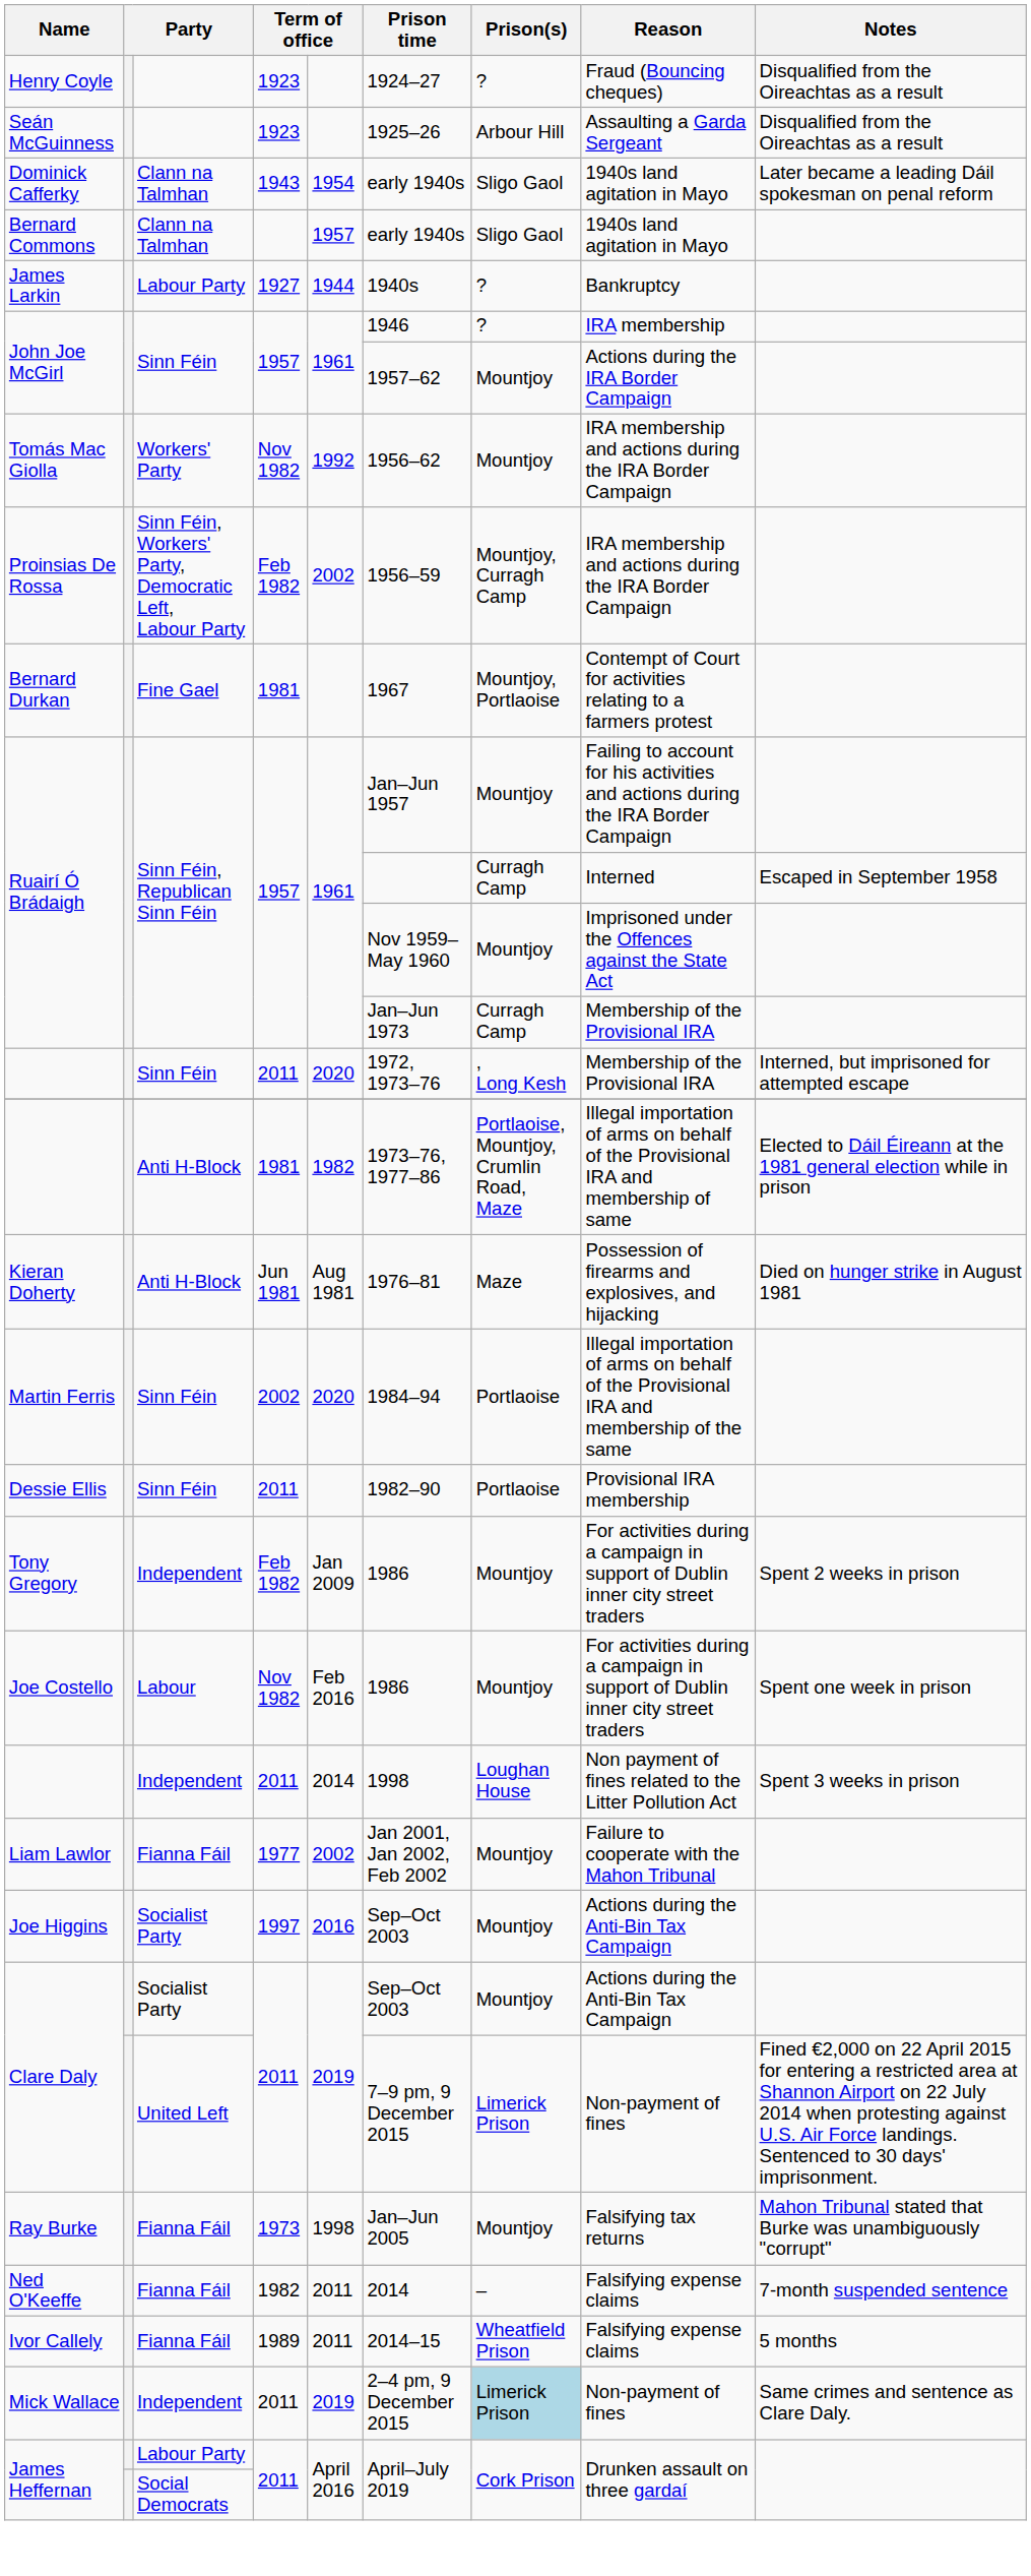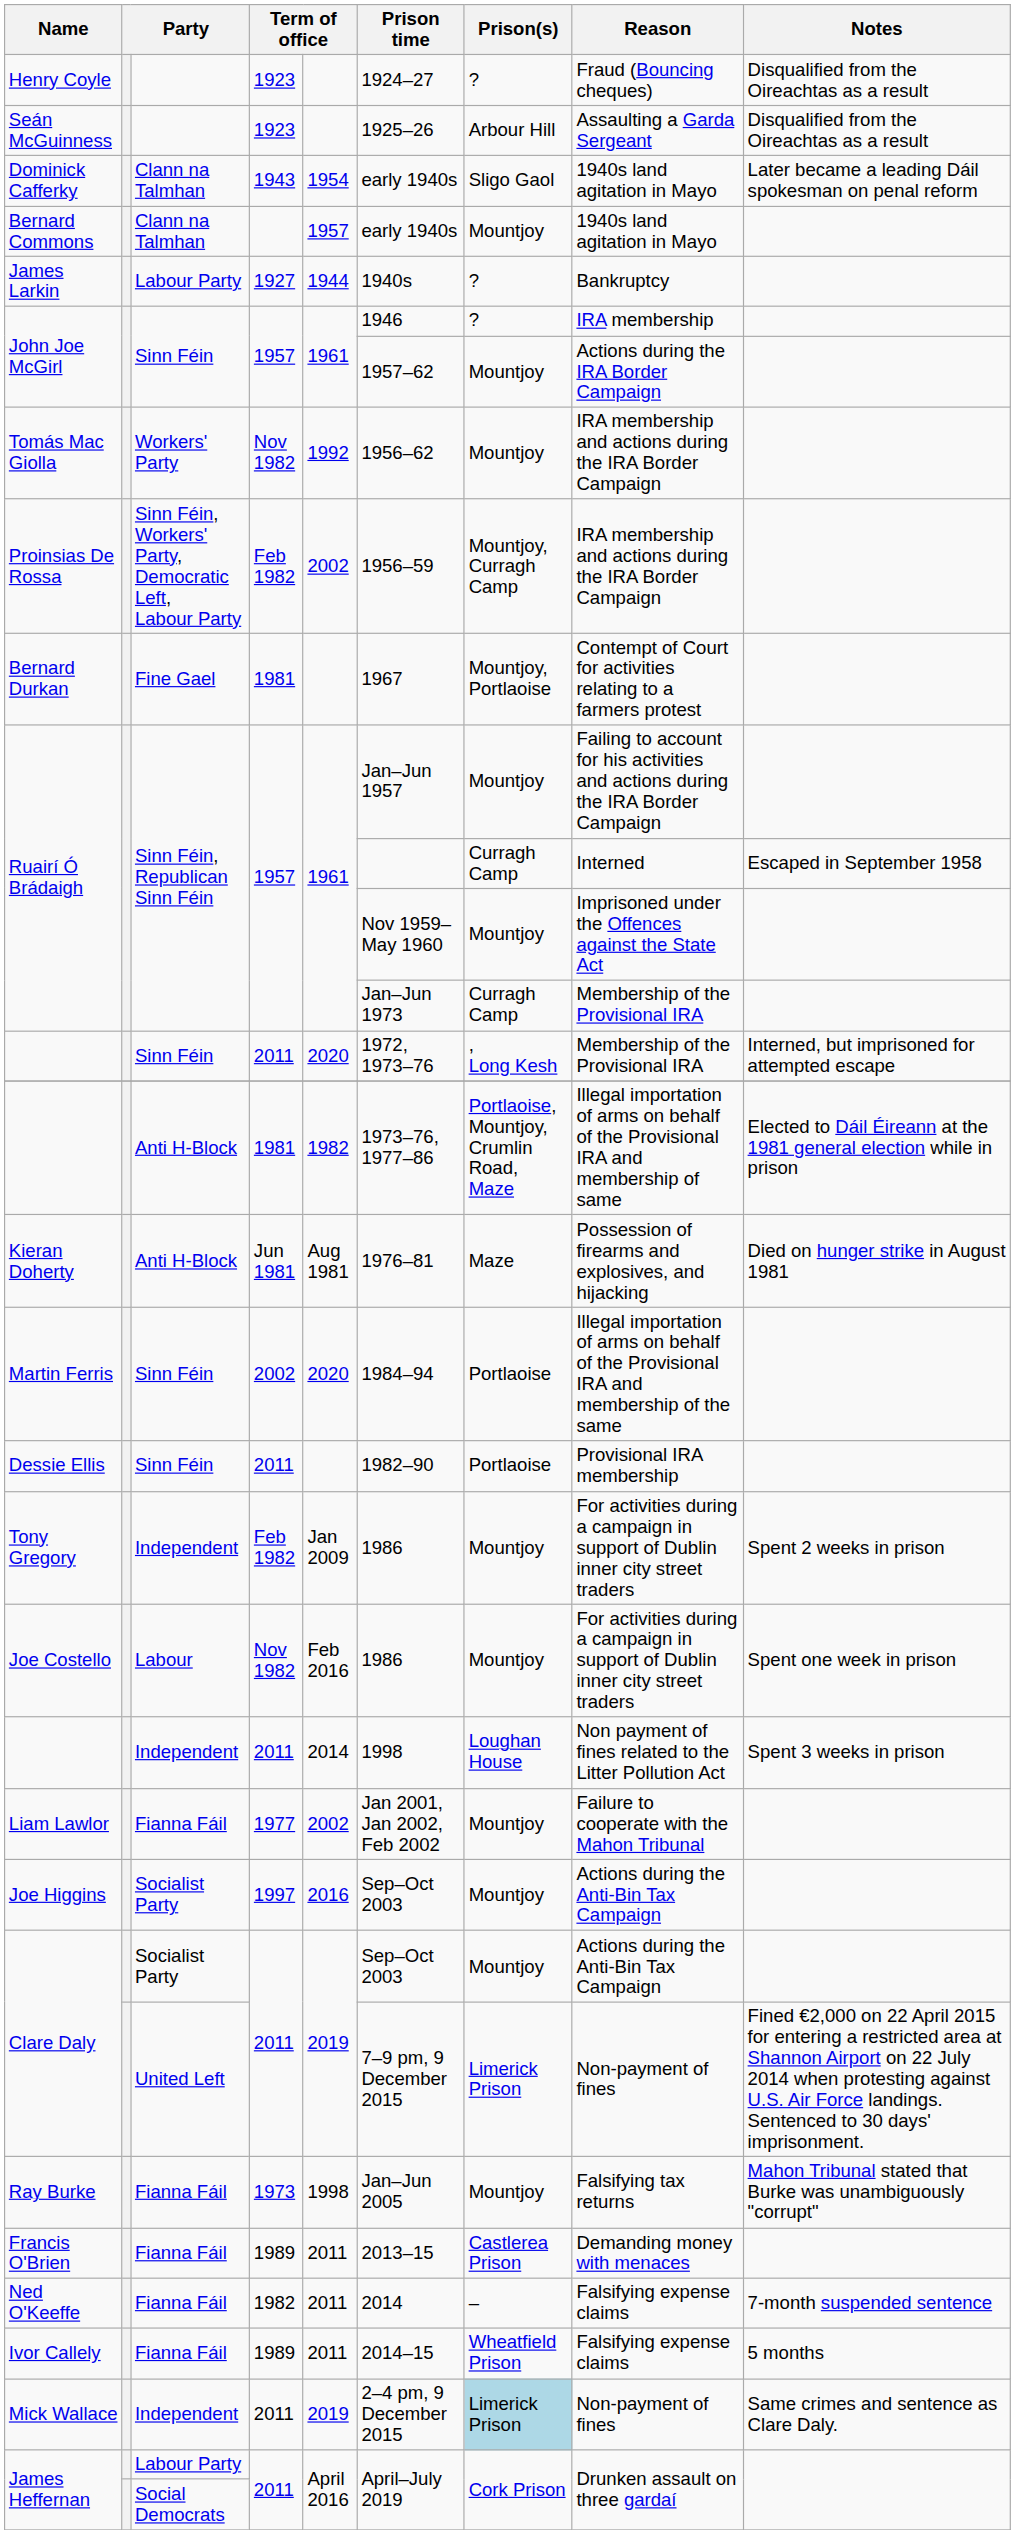 <table class="wikitable">
 <tr>
 <th>Name</th>
 <th colspan=2>Party</th>
 <th colspan=2>Term of office</th>
 <th>Prison time</th>
 <th>Prison(s)</th>
 <th>Reason</th>
 <th>Notes</th>
 </tr>
 <tr>
 <td><a href='#'>Henry Coyle</a></td>
 <th style="background-color: "></th>
 <td></td>
 <td><a href='#'>1923</a></td>
 <td></td>
 <td>1924–27</td>
 <td>?</td>
 <td>Fraud (<a href='#'>Bouncing</a> cheques)</td>
 <td>Disqualified from the Oireachtas as a result</td>
 </tr>
 <tr>
 <td><a href='#'>Seán McGuinness</a></td>
 <th style="background-color: "></th>
 <td></td>
 <td><a href='#'>1923</a></td>
 <td></td>
 <td>1925–26</td>
 <td>Arbour Hill</td>
 <td>Assaulting a <a href='#'>Garda Sergeant</a></td>
 <td>Disqualified from the Oireachtas as a result</td>
 </tr>
 <tr>
 <td><a href='#'>Dominick Cafferky</a></td>
 <th style="background-color: "></th>
 <td><a href='#'>Clann na Talmhan</a></td>
 <td><a href='#'>1943</a></td>
 <td><a href='#'>1954</a></td>
 <td>early 1940s</td>
 <td>Sligo Gaol</td>
 <td>1940s land agitation in Mayo</td>
 <td>Later became a leading Dáil spokesman on penal reform</td>
 </tr>
 <tr>
 <td><a href='#'>Bernard Commons</a></td>
 <th style="background-color: "></th>
 <td><a href='#'>Clann na Talmhan</a></td>
 <td></td>
 <td><a href='#'>1957</a></td>
 <td>early 1940s</td>
-<td>Sligo Gaol</td>
+<td>Mountjoy</td>
 <td>1940s land agitation in Mayo</td>
 <td></td>
 </tr>
 <tr>
 <td><a href='#'>James Larkin</a></td>
 <th style="background-color: "></th>
 <td><a href='#'>Labour Party</a></td>
 <td><a href='#'>1927</a></td>
 <td><a href='#'>1944</a></td>
 <td>1940s</td>
 <td>?</td>
 <td>Bankruptcy</td>
 <td></td>
 </tr>
 <tr>
 <td rowspan=2><a href='#'>John Joe McGirl</a></td>
 <th rowspan=2 style="background-color: "></th>
 <td rowspan=2><a href='#'>Sinn Féin</a></td>
 <td rowspan=2><a href='#'>1957</a></td>
 <td rowspan=2><a href='#'>1961</a></td>
 <td>1946</td>
 <td>?</td>
 <td><a href='#'>IRA</a> membership</td>
 <td></td>
 </tr>
 <tr>
 <td>1957–62</td>
 <td>Mountjoy</td>
 <td>Actions during the <a href='#'>IRA Border Campaign</a></td>
 <td></td>
 </tr>
 <tr>
 <td><a href='#'>Tomás Mac Giolla</a></td>
 <th style="background-color: "></th>
 <td><a href='#'>Workers' Party</a></td>
 <td><a href='#'>Nov 1982</a></td>
 <td><a href='#'>1992</a></td>
 <td>1956–62</td>
 <td>Mountjoy</td>
 <td>IRA membership and actions during the IRA Border Campaign</td>
 <td></td>
 </tr>
 <tr>
 <td><a href='#'>Proinsias De Rossa</a></td>
 <th style="background-color: "></th>
 <td><a href='#'>Sinn Féin</a>,<br><a href='#'>Workers' Party</a>,<br><a href='#'>Democratic Left</a>,<br><a href='#'>Labour Party</a></td>
 <td><a href='#'>Feb 1982</a></td>
 <td><a href='#'>2002</a></td>
 <td>1956–59</td>
 <td>Mountjoy, Curragh Camp</td>
 <td>IRA membership and actions during the IRA Border Campaign</td>
 <td></td>
 </tr>
 <tr>
 <td><a href='#'>Bernard Durkan</a></td>
 <th style="background-color: "></th>
 <td><a href='#'>Fine Gael</a></td>
 <td><a href='#'>1981</a></td>
 <td></td>
 <td>1967</td>
 <td>Mountjoy, Portlaoise</td>
 <td>Contempt of Court for activities relating to a farmers protest</td>
 <td></td>
 </tr>
 <tr>
 <td rowspan=4><a href='#'>Ruairí Ó Brádaigh</a></td>
 <th rowspan=4 style="background-color: "></th>
 <td rowspan=4><a href='#'>Sinn Féin</a>,<br><a href='#'>Republican Sinn Féin</a></td>
 <td rowspan=4><a href='#'>1957</a></td>
 <td rowspan=4><a href='#'>1961</a></td>
 <td>Jan–Jun 1957</td>
 <td>Mountjoy</td>
 <td>Failing to account for his activities and actions during the IRA Border Campaign</td>
 <td></td>
 </tr>
 <tr>
 <td></td>
 <td>Curragh Camp</td>
 <td>Interned</td>
 <td>Escaped in September 1958</td>
 </tr>
 <tr>
 <td>Nov 1959–May 1960</td>
 <td>Mountjoy</td>
 <td>Imprisoned under the <a href='#'>Offences against the State Act</a></td>
 <td></td>
 </tr>
 <tr>
 <td>Jan–Jun 1973</td>
 <td>Curragh Camp</td>
 <td>Membership of the <a href='#'>Provisional IRA</a></td>
 <td></td>
 </tr>
 <tr>
 <td></td>
 <th style="background-color: "></th>
 <td><a href='#'>Sinn Féin</a></td>
 <td><a href='#'>2011</a></td>
 <td><a href='#'>2020</a></td>
 <td>1972,<br>1973–76</td>
 <td>,<br><a href='#'>Long Kesh</a></td>
 <td>Membership of the Provisional IRA</td>
 <td>Interned, but imprisoned for attempted escape</td>
 </tr>
 <tr>
 </tr>
 <tr>
 <td></td>
 <th style="background-color: "></th>
 <td><a href='#'>Anti H-Block</a></td>
 <td><a href='#'>1981</a></td>
 <td><a href='#'>1982</a></td>
 <td>1973–76,<br>1977–86</td>
 <td><a href='#'>Portlaoise</a>,<br>Mountjoy,<br>Crumlin Road,<br><a href='#'>Maze</a></td>
 <td>Illegal importation of arms on behalf of the Provisional IRA and membership of same</td>
 <td>Elected to <a href='#'>Dáil Éireann</a> at the <a href='#'>1981 general election</a> while in prison</td>
 </tr>
 <tr>
 <td><a href='#'>Kieran Doherty</a></td>
 <th style="background-color: "></th>
 <td><a href='#'>Anti H-Block</a></td>
 <td>Jun <a href='#'>1981</a></td>
 <td>Aug 1981</td>
 <td>1976–81</td>
 <td>Maze</td>
 <td>Possession of firearms and explosives, and hijacking</td>
 <td>Died on <a href='#'>hunger strike</a> in August 1981</td>
 </tr>
 <tr>
 <td><a href='#'>Martin Ferris</a></td>
 <th style="background-color: "></th>
 <td><a href='#'>Sinn Féin</a></td>
 <td><a href='#'>2002</a></td>
 <td><a href='#'>2020</a></td>
 <td>1984–94</td>
 <td>Portlaoise</td>
 <td>Illegal importation of arms on behalf of the Provisional IRA and membership of the same</td>
 <td></td>
 </tr>
 <tr>
 <td><a href='#'>Dessie Ellis</a></td>
 <th style="background-color: "></th>
 <td><a href='#'>Sinn Féin</a></td>
 <td><a href='#'>2011</a></td>
 <td></td>
 <td>1982–90</td>
 <td>Portlaoise</td>
 <td>Provisional IRA membership</td>
 <td></td>
 </tr>
 <tr>
 <td><a href='#'>Tony Gregory</a></td>
 <th style="background-color: "></th>
 <td><a href='#'>Independent</a></td>
 <td><a href='#'>Feb 1982</a></td>
 <td>Jan 2009</td>
 <td>1986</td>
 <td>Mountjoy</td>
 <td>For activities during a campaign in support of Dublin inner city street traders</td>
 <td>Spent 2 weeks in prison</td>
 </tr>
 <tr>
 <td><a href='#'>Joe Costello</a></td>
 <th style="background-color: "></th>
 <td><a href='#'>Labour</a></td>
 <td><a href='#'>Nov 1982</a></td>
 <td>Feb 2016</td>
 <td>1986</td>
 <td>Mountjoy</td>
 <td>For activities during a campaign in support of Dublin inner city street traders</td>
 <td>Spent one week in prison</td>
 </tr>
 <tr>
 <td></td>
 <th style="background-color: "></th>
 <td><a href='#'>Independent</a></td>
 <td><a href='#'>2011</a></td>
 <td>2014</td>
 <td>1998</td>
 <td><a href='#'>Loughan House</a></td>
 <td>Non payment of fines related to the Litter Pollution Act</td>
 <td>Spent 3 weeks in prison</td>
 </tr>
 <tr>
 <td><a href='#'>Liam Lawlor</a></td>
 <th style="background-color: "></th>
 <td><a href='#'>Fianna Fáil</a></td>
 <td><a href='#'>1977</a></td>
 <td><a href='#'>2002</a></td>
 <td>Jan 2001,<br>Jan 2002,<br>Feb 2002</td>
 <td>Mountjoy</td>
 <td>Failure to cooperate with the <a href='#'>Mahon Tribunal</a></td>
 <td></td>
 </tr>
 <tr>
 <td><a href='#'>Joe Higgins</a></td>
 <th style="background-color: "></th>
 <td><a href='#'>Socialist Party</a></td>
 <td><a href='#'>1997</a></td>
 <td><a href='#'>2016</a></td>
 <td>Sep–Oct 2003</td>
 <td>Mountjoy</td>
 <td>Actions during the <a href='#'>Anti-Bin Tax Campaign</a></td>
 <td></td>
 </tr>
 <tr>
 <td rowspan=2><a href='#'>Clare Daly</a></td>
 <th style="background-color: "></th>
 <td>Socialist Party</td>
 <td rowspan=2><a href='#'>2011</a></td>
 <td rowspan=2><a href='#'>2019</a></td>
 <td>Sep–Oct 2003</td>
 <td>Mountjoy</td>
 <td>Actions during the Anti-Bin Tax Campaign</td>
 <td></td>
 </tr>
 <tr>
 <th style="background-color: "></th>
 <td><a href='#'>United Left</a></td>
 <td>7–9 pm, 9 December 2015</td>
 <td><a href='#'>Limerick Prison</a></td>
 <td>Non-payment of fines</td>
 <td>Fined €2,000 on 22 April 2015 for entering a restricted area at <a href='#'>Shannon Airport</a> on 22 July 2014 when protesting against <a href='#'>U.S. Air Force</a> landings. Sentenced to 30 days' imprisonment.</td>
 </tr>
 <tr>
 <td><a href='#'>Ray Burke</a></td>
 <th style="background-color: "></th>
 <td><a href='#'>Fianna Fáil</a></td>
 <td><a href='#'>1973</a></td>
 <td>1998</td>
 <td>Jan–Jun 2005</td>
 <td>Mountjoy</td>
 <td>Falsifying tax returns</td>
 <td><a href='#'>Mahon Tribunal</a> stated that Burke was unambiguously "corrupt"</td>
 </tr>
 <tr>
+<td><a href='#'>Francis O'Brien</a></td>
+<th style="background-color: "></th>
+<td><a href='#'>Fianna Fáil</a></td>
+<td>1989</td>
+<td>2011</td>
+<td>2013–15</td>
+<td><a href='#'>Castlerea Prison</a></td>
+<td>Demanding money <a href='#'>with menaces</a></td>
+<td></td>
+</tr>
+<tr>
 <td><a href='#'>Ned O'Keeffe</a></td>
 <th style="background-color: "></th>
 <td><a href='#'>Fianna Fáil</a></td>
 <td>1982</td>
 <td>2011</td>
 <td>2014</td>
 <td>–</td>
 <td>Falsifying expense claims</td>
 <td>7-month <a href='#'>suspended sentence</a></td>
 </tr>
 <tr>
 <td><a href='#'>Ivor Callely</a></td>
 <th style="background-color: "></th>
 <td><a href='#'>Fianna Fáil</a></td>
 <td>1989</td>
 <td>2011</td>
 <td>2014–15</td>
 <td><a href='#'>Wheatfield Prison</a></td>
 <td>Falsifying expense claims</td>
 <td>5 months</td>
 </tr>
 <tr>
 <td><a href='#'>Mick Wallace</a></td>
 <th style="background-color: "></th>
 <td><a href='#'>Independent</a></td>
 <td>2011</td>
 <td><a href='#'>2019</a></td>
 <td>2–4 pm, 9 December 2015</td>
 <td style="background: lightblue;">Limerick Prison</td>
 <td>Non-payment of fines</td>
 <td>Same crimes and sentence as Clare Daly.</td>
 </tr>
 <tr>
 <td rowspan=2><a href='#'>James Heffernan</a></td>
 <th style="background-color: "></th>
 <td><a href='#'>Labour Party</a></td>
 <td rowspan=2><a href='#'>2011</a></td>
 <td rowspan=2>April 2016</td>
 <td rowspan=2>April–July 2019</td>
 <td rowspan=2><a href='#'>Cork Prison</a></td>
 <td rowspan=2>Drunken assault on three <a href='#'>gardaí</a></td>
 <td rowspan=2></td>
 </tr>
 <tr>
 <th style="background-color: "></th>
 <td><a href='#'>Social Democrats</a></td>
 </tr>
 </table>
